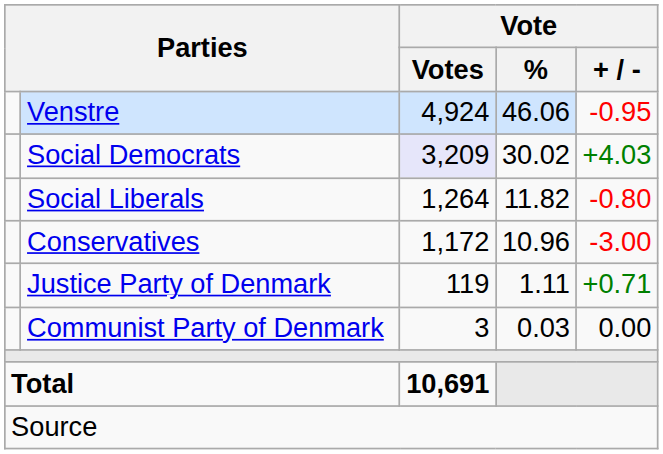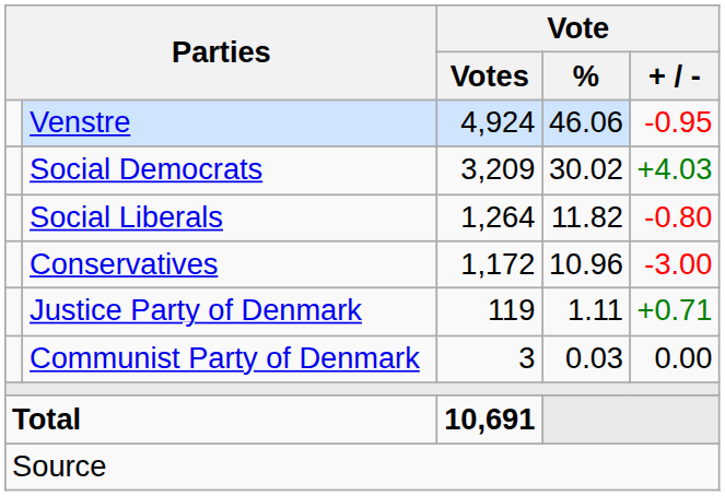 <table class="wikitable" style="text-align:right;">
 <tr>
 <th style="text-align:centre;" rowspan="2" colspan="2" width="225">Parties</th>
 <th colspan="3">Vote</th>
 </tr>
 <tr>
 <th width="15">Votes</th>
 <th width="15">%</th>
 <th width="15">+ / -</th>
 </tr>
 <tr>
 <td width="2" style="color:inherit;background:"></td>
 <td bgcolor=#cfe5fe  align="left"><a href='#'>Venstre</a></td>
 <td bgcolor=#cfe5fe>4,924</td>
 <td bgcolor=#cfe5fe>46.06</td>
 <td style=color:red;>-0.95</td>
 </tr>
 <tr>
 <td width="2" style="color:inherit;background:"></td>
 <td align="left"><a href='#'>Social Democrats</a></td>
-<td style="background: lavender;">3,209</td>
+<td>3,209</td>
 <td>30.02</td>
 <td style=color:green;>+4.03</td>
 </tr>
 <tr>
 <td width="2" style="color:inherit;background:"></td>
 <td align="left"><a href='#'>Social Liberals</a></td>
 <td>1,264</td>
 <td>11.82</td>
 <td style=color:red;>-0.80</td>
 </tr>
 <tr>
 <td width="2" style="color:inherit;background:"></td>
 <td align="left"><a href='#'>Conservatives</a></td>
 <td>1,172</td>
 <td>10.96</td>
 <td style=color:red;>-3.00</td>
 </tr>
 <tr>
 <td width="2" style="color:inherit;background:"></td>
 <td align="left"><a href='#'>Justice Party of Denmark</a></td>
 <td>119</td>
 <td>1.11</td>
 <td style=color:green;>+0.71</td>
 </tr>
 <tr>
 <td width="2" style="color:inherit;background:"></td>
 <td align="left"><a href='#'>Communist Party of Denmark</a></td>
 <td>3</td>
 <td>0.03</td>
 <td>0.00</td>
 </tr>
 <tr>
 <td colspan="7" bgcolor="#E9E9E9"></td>
 </tr>
 <tr>
 <td align="left" colspan="2"><strong>Total</strong></td>
 <td><strong>10,691</strong></td>
 <td bgcolor="#E9E9E9" colspan="2"></td>
 </tr>
 <tr>
 <td align="left" colspan="6">Source</td>
 </tr>
 </table>
